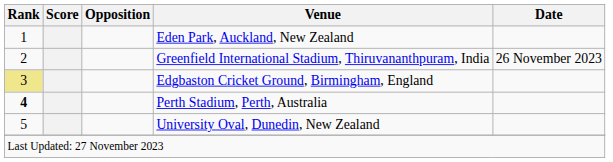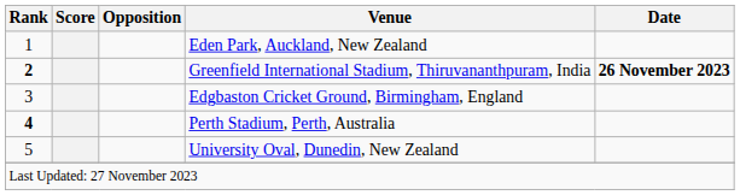 <table class="wikitable plainrowheaders sortable">
 <tr>
 <th scope=col>Rank</th>
 <th scope=col>Score</th>
 <th scope=col>Opposition</th>
 <th scope=col>Venue</th>
 <th scope=col>Date</th>
 </tr>
 <tr>
 <td align=center>1</td>
 <th scope=row style=text-align:center;></th>
 <td></td>
 <td><a href='#'>Eden Park</a>, <a href='#'>Auckland</a>, New Zealand</td>
 <td></td>
 </tr>
 <tr>
-<td align=center>2</td>
+<td align=center><strong>2</strong></td>
 <th scope="row" style="text-align:center;"></th>
 <td></td>
 <td><a href='#'>Greenfield International Stadium</a>, <a href='#'>Thiruvananthpuram</a>, India</td>
-<td>26 November 2023</td>
+<td><strong>26 November 2023</strong></td>
 </tr>
 <tr>
-<td align="center" style="background: khaki;">3</td>
+<td align="center">3</td>
 <th scope="row" style="text-align:center;"></th>
 <td></td>
 <td><a href='#'>Edgbaston Cricket Ground</a>, <a href='#'>Birmingham</a>, England</td>
 <td></td>
 </tr>
 <tr>
 <td align="center"><strong>4</strong></td>
 <th scope="row" style="text-align:center;"></th>
 <td></td>
 <td><a href='#'>Perth Stadium</a>, <a href='#'>Perth</a>, Australia</td>
 <td></td>
 </tr>
 <tr>
 <td align="center">5</td>
 <th scope="row" style="text-align:center;"></th>
 <td></td>
 <td><a href='#'>University Oval</a>, <a href='#'>Dunedin</a>, New Zealand</td>
 <td></td>
 </tr>
 <tr>
 </tr>
 <tr class=sortbottom>
 <td colspan=5><small>Last Updated: 27 November 2023</small></td>
 </tr>
 </table>
